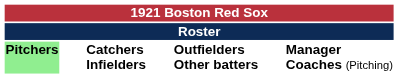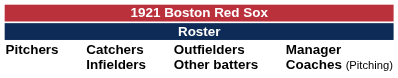 <table class="toccolours" style="text-align: left;">
 <tr>
 <th colspan="10" style="background-color: #ba313c; color: white; text-align: center;">1921 Boston Red Sox</th>
 </tr>
 <tr>
 <td colspan="10" style="background-color:#0d2b56; color: white; text-align: center;"><strong>Roster</strong></td>
 </tr>
 <tr>
-<td valign="top" style="background: lightgreen;"><strong>Pitchers</strong><br>         </td>
+<td valign="top"><strong>Pitchers</strong><br>         </td>
 <td width="25px"></td>
 <td valign="top"><strong>Catchers</strong><br>   <strong>Infielders</strong>      </td>
 <td width="25px"></td>
 <td valign="top"><strong>Outfielders</strong><br>        <strong>Other batters</strong> </td>
 <td width="25px"></td>
 <td valign="top"><strong>Manager</strong><br> <strong>Coaches</strong>  <small>(Pitching)</small></td>
 </tr>
 <tr>
 </tr>
 </table>
